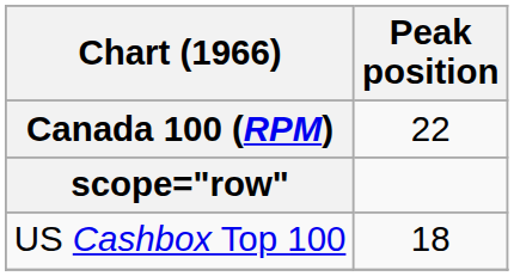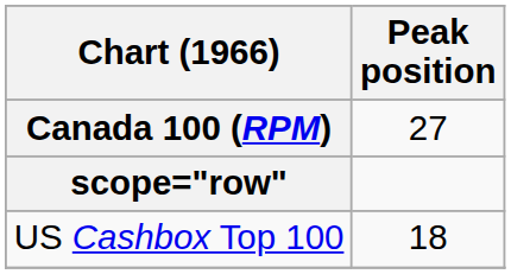 <table class="wikitable sortable plainrowheaders" style="text-align:center;">
 <tr>
 <th scope="col">Chart (1966)</th>
 <th scope="col">Peak<br>position</th>
 </tr>
 <tr>
 <th scope="row">Canada 100 (<em><a href='#'>RPM</a></em>)</th>
-<td align="center">22</td>
+<td align="center">27</td>
 </tr>
 <tr>
 <th>scope="row"</th>
 </tr>
 <tr>
 <td align="left">US <a href='#'><em>Cashbox</em> Top 100</a></td>
 <td style="text-align:center;">18</td>
 </tr>
 <tr>
 </tr>
 <tr>
 </tr>
 </table>
